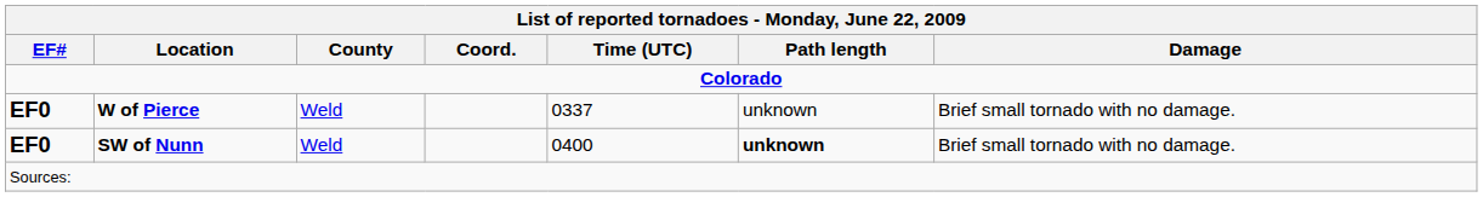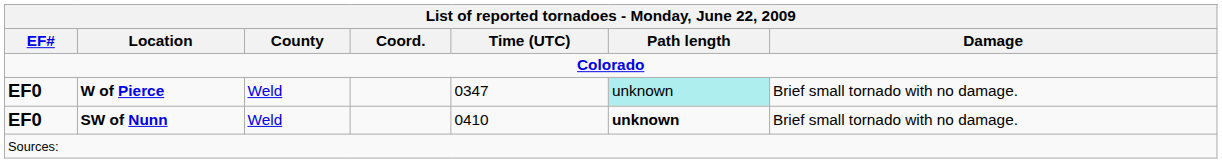 <table class="wikitable collapsible" width="100%">
 <tr>
 <th colspan="7">List of reported tornadoes - Monday, June 22, 2009</th>
 </tr>
 <tr>
 <th><a href='#'>EF#</a></th>
 <th>Location</th>
 <th>County</th>
 <th>Coord.</th>
 <th>Time (UTC)</th>
 <th>Path length</th>
 <th>Damage</th>
 </tr>
 <tr>
 <td colspan="7" align=center><strong><a href='#'>Colorado</a></strong></td>
 </tr>
 <tr>
 <td><big><strong>EF0</strong></big></td>
 <td><strong>W of <a href='#'>Pierce</a></strong></td>
 <td><a href='#'>Weld</a></td>
 <td></td>
-<td>0337</td>
-<td>unknown</td>
+<td>0347</td>
+<td style="background: paleturquoise;">unknown</td>
 <td>Brief small tornado with no damage.</td>
 </tr>
 <tr>
 <td><big><strong>EF0</strong></big></td>
 <td><strong>SW of <a href='#'>Nunn</a></strong></td>
 <td><a href='#'>Weld</a></td>
 <td></td>
-<td>0400</td>
+<td>0410</td>
 <td><strong>unknown</strong></td>
 <td>Brief small tornado with no damage.</td>
 </tr>
 <tr>
 <td colspan="7"><small>Sources: </small></td>
 </tr>
 </table>
